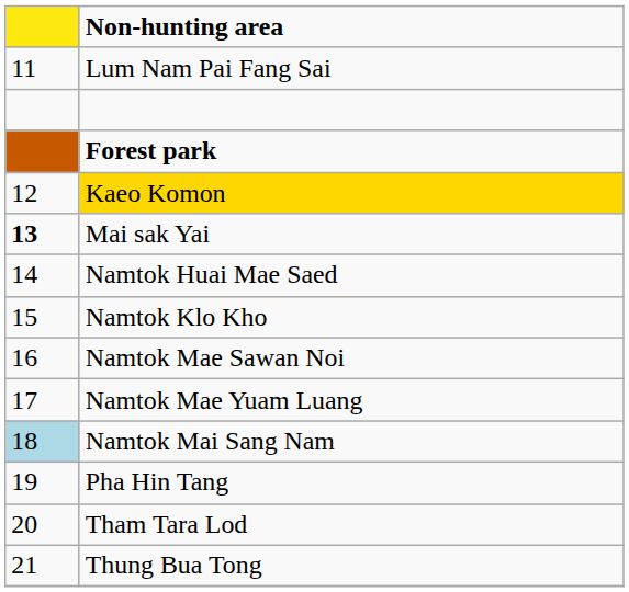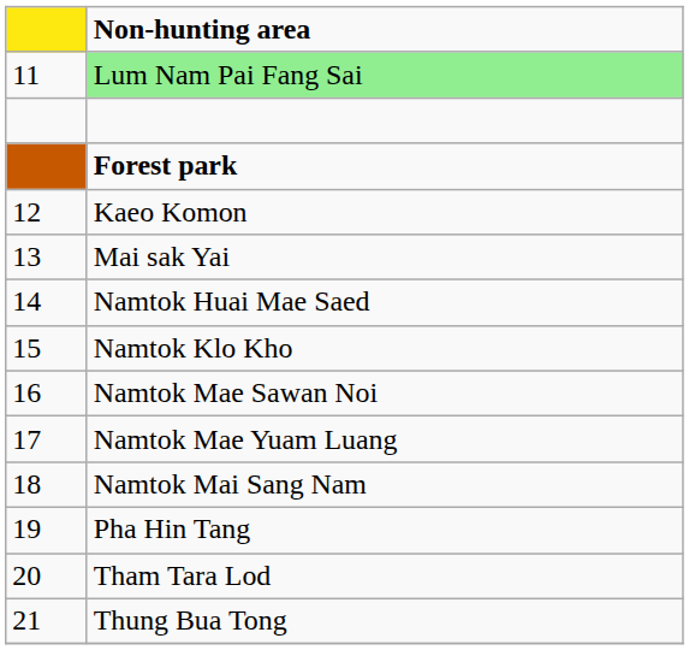 <table class= "wikitable" style= "width:30%; display:inline-table;">
 <tr>
 <td style="width:3%; background:#FDE910;"> </td>
 <td style="width:30%;"><strong>Non-hunting area</strong></td>
 </tr>
 <tr>
 <td>11</td>
-<td>Lum Nam Pai Fang Sai</td>
+<td style="background: lightgreen;">Lum Nam Pai Fang Sai</td>
 </tr>
 <tr>
 <td>  </td>
 </tr>
 <tr>
 <td style="width:3%; background:#C65900;"> </td>
 <td><strong>Forest park</strong></td>
 </tr>
 <tr>
 <td>12</td>
-<td style="background: gold;">Kaeo Komon</td>
+<td>Kaeo Komon</td>
 </tr>
 <tr>
-<td><strong>13</strong></td>
+<td>13</td>
 <td>Mai sak Yai</td>
 </tr>
 <tr>
 <td>14</td>
 <td>Namtok Huai Mae Saed</td>
 </tr>
 <tr>
 <td>15</td>
 <td>Namtok Klo Kho</td>
 </tr>
 <tr>
 <td>16</td>
 <td>Namtok Mae Sawan Noi</td>
 </tr>
 <tr>
 <td>17</td>
 <td>Namtok Mae Yuam Luang</td>
 </tr>
 <tr>
-<td style="background: lightblue;">18</td>
+<td>18</td>
 <td>Namtok Mai Sang Nam</td>
 </tr>
 <tr>
 <td>19</td>
 <td>Pha Hin Tang</td>
 </tr>
 <tr>
 <td>20</td>
 <td>Tham Tara Lod</td>
 </tr>
 <tr>
 <td>21</td>
 <td>Thung Bua Tong</td>
 </tr>
 <tr>
 </tr>
 </table>
